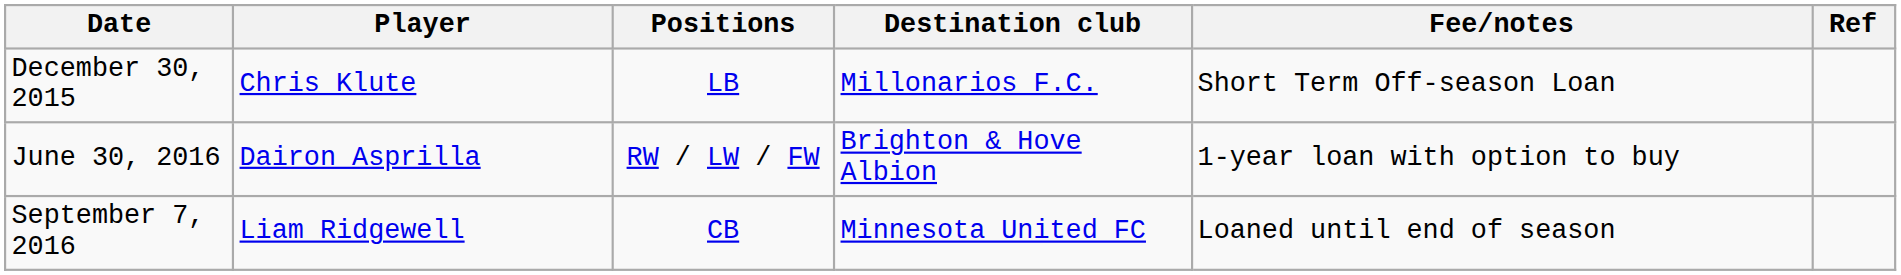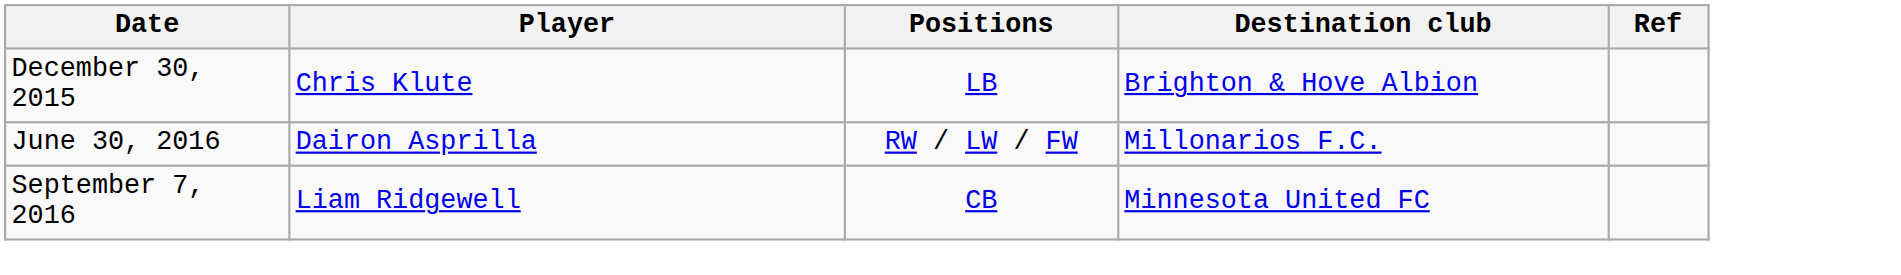 <table class="wikitable" style="text-align:left; font-size:95%;">
 <tr>
 <th style="width:125px;">Date</th>
 <th style="width:250px;">Player</th>
 <th style="width:120px;">Positions</th>
 <th style="width:220px;">Destination club</th>
-<th style="width:450px;">Fee/notes</th>
 <th style="width:40px;">Ref</th>
 </tr>
 <tr>
 <td>December 30, 2015</td>
 <td> <a href='#'>Chris Klute</a></td>
 <td style="text-align:center;"><a href='#'>LB</a></td>
-<td> <a href='#'>Millonarios F.C.</a></td>
-<td>Short Term Off-season Loan</td>
+<td> <a href='#'>Brighton & Hove Albion</a></td>
 <td></td>
 </tr>
 <tr>
 <td>June 30, 2016</td>
 <td> <a href='#'>Dairon Asprilla</a></td>
 <td style="text-align:center;"><a href='#'>RW</a> / <a href='#'>LW</a> / <a href='#'>FW</a></td>
-<td> <a href='#'>Brighton & Hove Albion</a></td>
-<td>1-year loan with option to buy</td>
+<td> <a href='#'>Millonarios F.C.</a></td>
 <td></td>
 </tr>
 <tr>
 <td>September 7, 2016</td>
 <td> <a href='#'>Liam Ridgewell</a></td>
 <td style="text-align:center;"><a href='#'>CB</a></td>
 <td> <a href='#'>Minnesota United FC</a></td>
-<td>Loaned until end of season</td>
 <td></td>
 </tr>
 </table>
